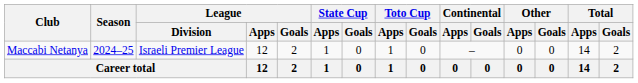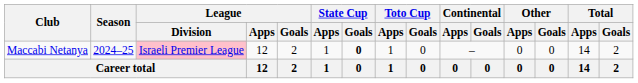 <table class="wikitable" style="text-align: center">
 <tr>
 <th rowspan="2">Club</th>
 <th rowspan="2">Season</th>
 <th colspan="3">League</th>
 <th colspan="2"><a href='#'>State Cup</a></th>
 <th colspan="2"><a href='#'>Toto Cup</a></th>
 <th colspan="2">Continental</th>
 <th colspan="2">Other</th>
 <th colspan="2">Total</th>
 </tr>
 <tr>
 <th>Division</th>
 <th>Apps</th>
 <th>Goals</th>
 <th>Apps</th>
 <th>Goals</th>
 <th>Apps</th>
 <th>Goals</th>
 <th>Apps</th>
 <th>Goals</th>
 <th>Apps</th>
 <th>Goals</th>
 <th>Apps</th>
 <th>Goals</th>
 </tr>
 <tr>
 <td rowspan="1"><a href='#'>Maccabi Netanya</a></td>
 <td><a href='#'>2024–25</a></td>
-<td><a href='#'>Israeli Premier League</a></td>
+<td style="background: pink;"><a href='#'>Israeli Premier League</a></td>
 <td>12</td>
 <td>2</td>
 <td>1</td>
-<td>0</td>
+<td><strong>0</strong></td>
 <td>1</td>
 <td>0</td>
 <td colspan="2">–</td>
 <td>0</td>
 <td>0</td>
 <td>14</td>
 <td>2</td>
 </tr>
 <tr>
 <th colspan="3"><strong>Career total</strong></th>
 <th>12</th>
 <th>2</th>
 <th>1</th>
 <th>0</th>
 <th>1</th>
 <th>0</th>
 <th>0</th>
 <th>0</th>
 <th>0</th>
 <th>0</th>
 <th>14</th>
 <th>2</th>
 </tr>
 </table>
